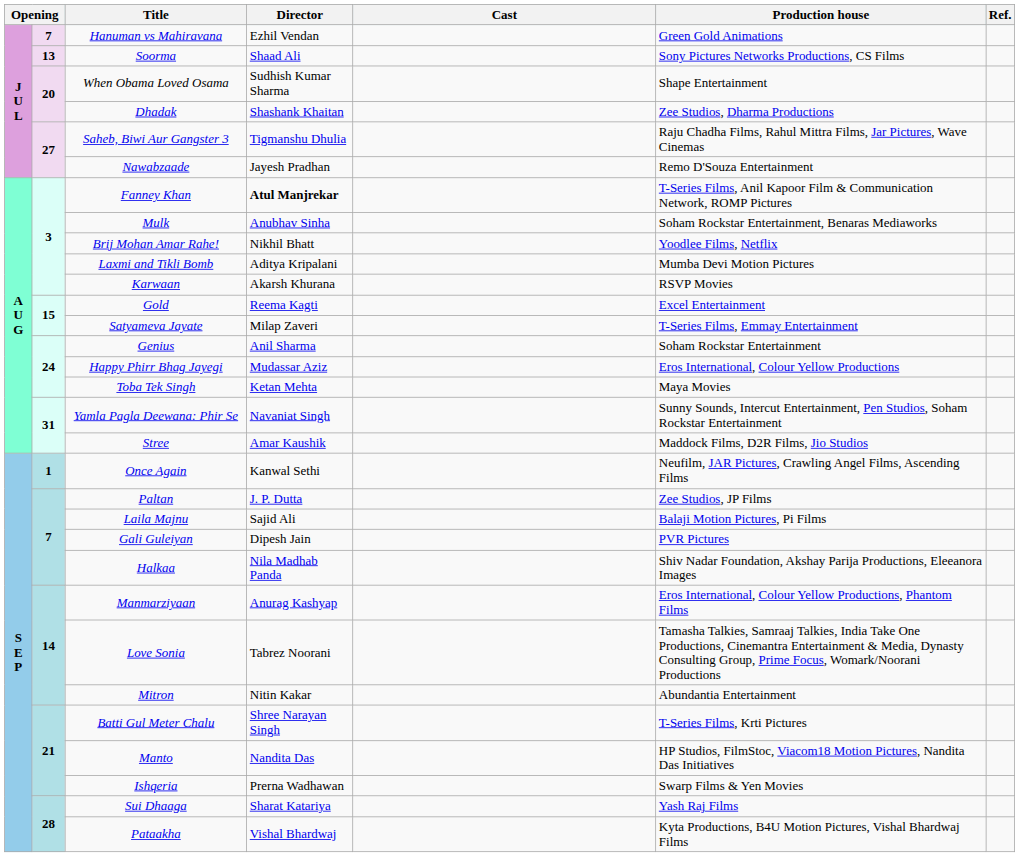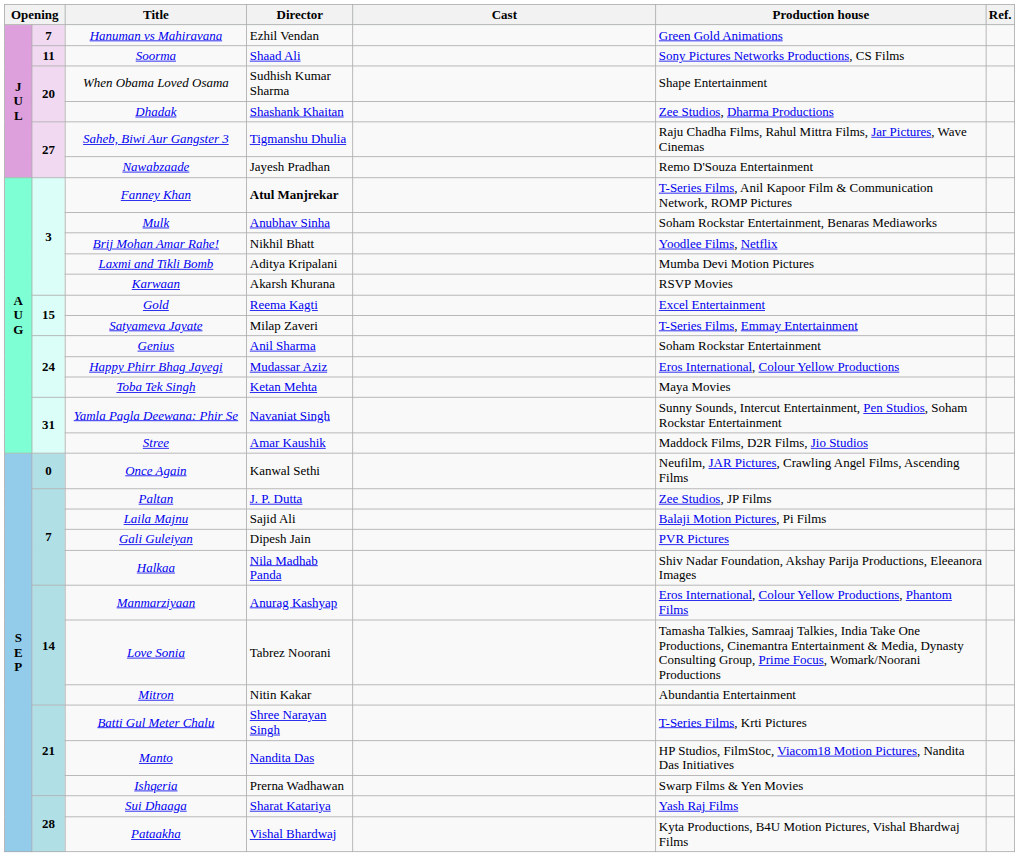 <table class="wikitable">
 <tr style="background:#b0e0e6;text-align:center;">
 <th colspan="2" style="width:6%;"><strong>Opening</strong></th>
 <th style="width:18%;"><strong>Title</strong></th>
 <th style="width:10.5%;"><strong>Director</strong></th>
 <th style="width:30%;"><strong>Cast</strong></th>
 <th>Production house</th>
 <th>Ref.</th>
 </tr>
 <tr>
 <td rowspan="6" style="text-align:center; background:plum; textcolor:#000;"><strong>J<br>U<br>L</strong></td>
 <td rowspan="1" style="text-align:center;background:#f1daf1;"><strong>7</strong></td>
 <td style="text-align:center;"><em><a href='#'>Hanuman vs Mahiravana</a></em></td>
 <td>Ezhil Vendan</td>
 <td></td>
 <td><a href='#'>Green Gold Animations</a></td>
 <td></td>
 </tr>
 <tr>
-<td rowspan="1" style="text-align:center;background:#f1daf1;"><strong>13</strong></td>
+<td rowspan="1" style="text-align:center;background:#f1daf1;"><strong>11</strong></td>
 <td style="text-align:center;"><em><a href='#'>Soorma</a></em></td>
 <td><a href='#'>Shaad Ali</a></td>
 <td></td>
 <td><a href='#'>Sony Pictures Networks Productions</a>, CS Films</td>
 <td></td>
 </tr>
 <tr>
 <td rowspan="2" style="text-align:center;background:#f1daf1;"><strong>20</strong></td>
 <td style="text-align:center;"><em>When Obama Loved Osama</em></td>
 <td>Sudhish Kumar Sharma</td>
 <td></td>
 <td>Shape Entertainment</td>
 <td></td>
 </tr>
 <tr>
 <td style="text-align:center;"><em><a href='#'>Dhadak</a></em></td>
 <td><a href='#'>Shashank Khaitan</a></td>
 <td></td>
 <td><a href='#'>Zee Studios</a>, <a href='#'>Dharma Productions</a></td>
 <td></td>
 </tr>
 <tr>
 <td rowspan="2" style="text-align:center;background:#f1daf1;"><strong>27</strong></td>
 <td style="text-align:center;"><em><a href='#'>Saheb, Biwi Aur Gangster 3</a></em></td>
 <td><a href='#'>Tigmanshu Dhulia</a></td>
 <td></td>
 <td>Raju Chadha Films, Rahul Mittra Films, <a href='#'>Jar Pictures</a>, Wave Cinemas</td>
 <td></td>
 </tr>
 <tr>
 <td style="text-align:center;"><em><a href='#'>Nawabzaade</a></em></td>
 <td>Jayesh Pradhan</td>
 <td></td>
 <td>Remo D'Souza Entertainment</td>
 <td></td>
 </tr>
 <tr>
 <td rowspan="12" style="text-align:center; background:#7FFFD4; textcolor:#000;"><strong>A<br>U<br>G</strong></td>
 <td rowspan="5" style="text-align:center; background:#dbfff8;"><strong>3</strong></td>
 <td style="text-align:center;"><em><a href='#'>Fanney Khan</a></em></td>
 <td><strong>Atul Manjrekar</strong></td>
 <td></td>
 <td><a href='#'>T-Series Films</a>, Anil Kapoor Film & Communication Network, ROMP Pictures</td>
 <td></td>
 </tr>
 <tr>
 <td style="text-align:center;"><em><a href='#'>Mulk</a></em></td>
 <td><a href='#'>Anubhav Sinha</a></td>
 <td></td>
 <td>Soham Rockstar Entertainment, Benaras Mediaworks</td>
 <td></td>
 </tr>
 <tr>
 <td style="text-align:center;"><a href='#'><em>Brij Mohan Amar Rahe!</em></a></td>
 <td>Nikhil Bhatt</td>
 <td></td>
 <td><a href='#'>Yoodlee Films</a>, <a href='#'>Netflix</a></td>
 <td></td>
 </tr>
 <tr>
 <td style="text-align:center;"><em><a href='#'>Laxmi and Tikli Bomb</a></em></td>
 <td>Aditya Kripalani</td>
 <td></td>
 <td>Mumba Devi Motion Pictures</td>
 <td></td>
 </tr>
 <tr>
 <td style="text-align:center;"><em><a href='#'>Karwaan</a></em></td>
 <td>Akarsh Khurana</td>
 <td></td>
 <td>RSVP Movies</td>
 <td></td>
 </tr>
 <tr>
 <td rowspan="2" style="text-align:center;background:#dbfff8;"><strong>15</strong></td>
 <td style="text-align:center;"><em><a href='#'>Gold</a></em></td>
 <td><a href='#'>Reema Kagti</a></td>
 <td></td>
 <td><a href='#'>Excel Entertainment</a></td>
 <td></td>
 </tr>
 <tr>
 <td style="text-align:center;"><em><a href='#'>Satyameva Jayate</a></em></td>
 <td>Milap Zaveri</td>
 <td></td>
 <td><a href='#'>T-Series Films</a>, <a href='#'>Emmay Entertainment</a></td>
 <td></td>
 </tr>
 <tr>
 <td rowspan="3" style="text-align:center;background:#dbfff8;"><strong>24</strong></td>
 <td style="text-align:center;"><em><a href='#'>Genius</a></em></td>
 <td><a href='#'>Anil Sharma</a></td>
 <td></td>
 <td>Soham Rockstar Entertainment</td>
 <td></td>
 </tr>
 <tr>
 <td style="text-align:center;"><em><a href='#'>Happy Phirr Bhag Jayegi</a></em></td>
 <td><a href='#'>Mudassar Aziz</a></td>
 <td></td>
 <td><a href='#'>Eros International</a>, <a href='#'>Colour Yellow Productions</a></td>
 <td></td>
 </tr>
 <tr>
 <td style="text-align:center;"><em><a href='#'>Toba Tek Singh</a></em></td>
 <td><a href='#'>Ketan Mehta</a></td>
 <td></td>
 <td>Maya Movies</td>
 <td></td>
 </tr>
 <tr>
 <td rowspan="2" style="text-align:center;background:#dbfff8;"><strong>31</strong></td>
 <td style="text-align:center;"><em><a href='#'>Yamla Pagla Deewana: Phir Se</a></em></td>
 <td><a href='#'>Navaniat Singh</a></td>
 <td></td>
 <td>Sunny Sounds, Intercut Entertainment, <a href='#'>Pen Studios</a>, Soham Rockstar Entertainment</td>
 <td></td>
 </tr>
 <tr>
 <td style="text-align:center;"><em><a href='#'>Stree</a></em></td>
 <td><a href='#'>Amar Kaushik</a></td>
 <td></td>
 <td>Maddock Films, D2R Films, <a href='#'>Jio Studios</a></td>
 <td></td>
 </tr>
 <tr>
 <td rowspan="14" style="text-align:center; background:#93CCEA; textcolor:#000;"><strong>S<br>E<br>P</strong></td>
-<td style="text-align:center; background:#b0e0e6;"><strong>1</strong></td>
+<td style="text-align:center; background:#b0e0e6;"><strong>0</strong></td>
 <td style="text-align:center;"><em><a href='#'>Once Again</a></em></td>
 <td>Kanwal Sethi</td>
 <td></td>
 <td>Neufilm, <a href='#'>JAR Pictures</a>, Crawling Angel Films, Ascending Films</td>
 <td></td>
 </tr>
 <tr>
 <td rowspan="4" style="text-align:center;background:#B0E0E6;"><strong>7</strong></td>
 <td style="text-align:center;"><em><a href='#'>Paltan</a></em></td>
 <td><a href='#'>J. P. Dutta</a></td>
 <td></td>
 <td><a href='#'>Zee Studios</a>, JP Films</td>
 <td><br></td>
 </tr>
 <tr>
 <td style="text-align:center;"><em><a href='#'>Laila Majnu</a></em></td>
 <td>Sajid Ali</td>
 <td></td>
 <td><a href='#'>Balaji Motion Pictures</a>, Pi Films</td>
 <td></td>
 </tr>
 <tr>
 <td style="text-align:center;"><em><a href='#'>Gali Guleiyan</a></em></td>
 <td>Dipesh Jain</td>
 <td></td>
 <td><a href='#'>PVR Pictures</a></td>
 <td></td>
 </tr>
 <tr>
 <td style="text-align:center;"><em><a href='#'>Halkaa</a></em></td>
 <td><a href='#'>Nila Madhab Panda</a></td>
 <td></td>
 <td>Shiv Nadar Foundation, Akshay Parija Productions, Eleeanora Images</td>
 <td></td>
 </tr>
 <tr>
 <th rowspan="3" style="text-align:center; background:#b0e0e6;"><strong>14</strong></th>
 <td style="text-align:center;"><em><a href='#'>Manmarziyaan</a></em></td>
 <td><a href='#'>Anurag Kashyap</a></td>
 <td></td>
 <td><a href='#'>Eros International</a>, <a href='#'>Colour Yellow Productions</a>, <a href='#'>Phantom Films</a></td>
 <td></td>
 </tr>
 <tr>
 <td style="text-align:center;"><em><a href='#'>Love Sonia</a></em></td>
 <td>Tabrez Noorani</td>
 <td></td>
 <td>Tamasha Talkies, Samraaj Talkies, India Take One Productions, Cinemantra Entertainment & Media, Dynasty Consulting Group, <a href='#'>Prime Focus</a>, Womark/Noorani Productions</td>
 <td></td>
 </tr>
 <tr>
 <td style="text-align:center;"><em><a href='#'>Mitron</a></em></td>
 <td>Nitin Kakar</td>
 <td></td>
 <td>Abundantia Entertainment</td>
 <td></td>
 </tr>
 <tr>
 <td rowspan="3" style="text-align:center; background:#b0e0e6;"><strong>21</strong></td>
 <td style="text-align:center;"><em><a href='#'>Batti Gul Meter Chalu</a></em></td>
 <td><a href='#'>Shree Narayan Singh</a></td>
 <td></td>
 <td><a href='#'>T-Series Films</a>, Krti Pictures</td>
 <td></td>
 </tr>
 <tr>
 <td style="text-align:center;"><em><a href='#'>Manto</a></em></td>
 <td><a href='#'>Nandita Das</a></td>
 <td></td>
 <td>HP Studios, FilmStoc, <a href='#'>Viacom18 Motion Pictures</a>, Nandita Das Initiatives</td>
 <td></td>
 </tr>
 <tr>
 <td style="text-align:center;"><em><a href='#'>Ishqeria</a></em></td>
 <td>Prerna Wadhawan</td>
 <td></td>
 <td>Swarp Films & Yen Movies</td>
 <td></td>
 </tr>
 <tr>
 <td rowspan="2" style="text-align:center; background:#b0e0e6;"><strong>28</strong></td>
 <td style="text-align:center;"><em><a href='#'>Sui Dhaaga</a></em></td>
 <td><a href='#'>Sharat Katariya</a></td>
 <td></td>
 <td><a href='#'>Yash Raj Films</a></td>
 <td></td>
 </tr>
 <tr>
 <td style="text-align:center;"><em><a href='#'>Pataakha</a></em></td>
 <td><a href='#'>Vishal Bhardwaj</a></td>
 <td></td>
 <td>Kyta Productions, B4U Motion Pictures, Vishal Bhardwaj Films</td>
 <td></td>
 </tr>
 </table>
